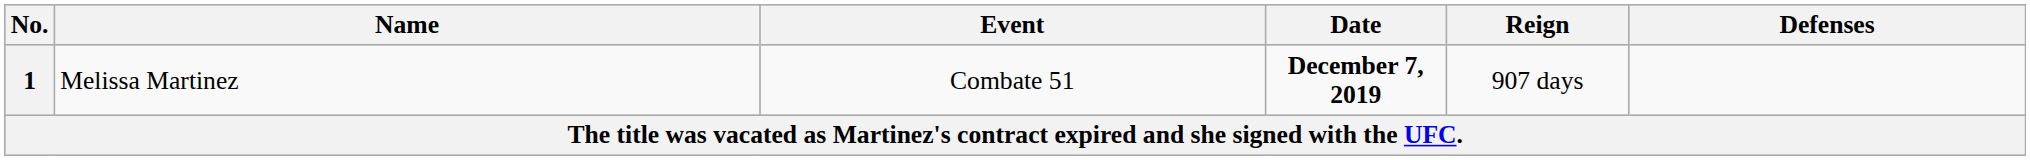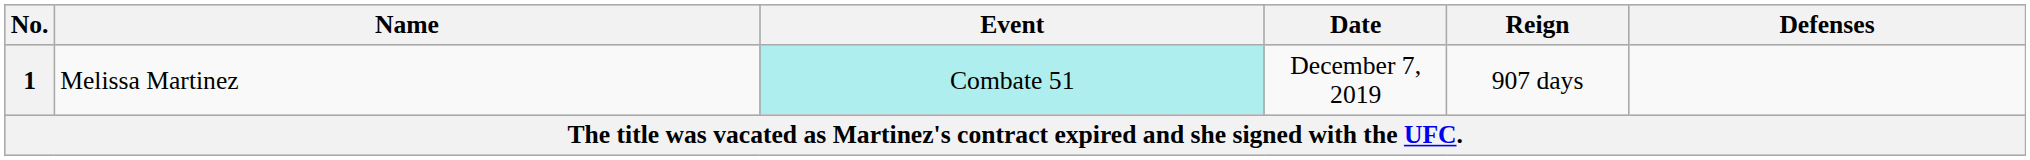 <table class="wikitable" width=100%>
 <tr>
 <th style="width:2%;">No.</th>
 <th>Name</th>
 <th>Event</th>
 <th style="width:9%;">Date</th>
 <th style="width:9%;">Reign</th>
 <th>Defenses</th>
 </tr>
 <tr>
 <th>1</th>
 <td align=left> Melissa Martinez <br></td>
-<td align=center>Combate 51 <br></td>
-<td align=center><strong>December 7, 2019</strong></td>
+<td align=center style="background: paleturquoise;">Combate 51 <br></td>
+<td align=center>December 7, 2019</td>
 <td align=center>907 days</td>
 <td align=left></td>
 </tr>
 <tr>
 <th align="center" colspan="6">The title was vacated as Martinez's contract expired and she signed with the <a href='#'>UFC</a>.</th>
 </tr>
 </table>
